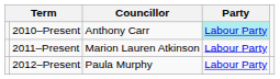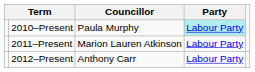 <table class="wikitable">
 <tr>
 <th colspan=2>Term</th>
 <th>Councillor</th>
 <th>Party</th>
 </tr>
 <tr>
 <td style="background-color: "></td>
 <td>2010–Present</td>
-<td>Anthony Carr</td>
+<td>Paula Murphy</td>
 <td style="background: paleturquoise;"><a href='#'>Labour Party</a></td>
 </tr>
 <tr>
 <td style="background-color: "></td>
 <td>2011–Present</td>
 <td>Marion Lauren Atkinson</td>
 <td><a href='#'>Labour Party</a></td>
 </tr>
 <tr>
 <td style="background-color: "></td>
 <td>2012–Present</td>
-<td>Paula Murphy</td>
+<td>Anthony Carr</td>
 <td><a href='#'>Labour Party</a></td>
 <td></td>
 </tr>
 </table>
